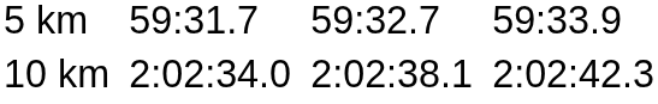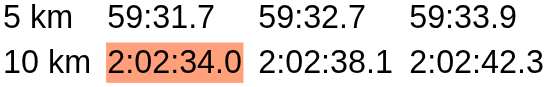 <table>
 <tr>
 <td>5 km<br></td>
 <td></td>
 <td>59:31.7</td>
 <td></td>
 <td>59:32.7</td>
 <td></td>
 <td>59:33.9</td>
 </tr>
 <tr>
 <td>10 km<br></td>
 <td></td>
-<td>2:02:34.0</td>
+<td style="background: lightsalmon;">2:02:34.0</td>
 <td></td>
 <td>2:02:38.1</td>
 <td></td>
 <td>2:02:42.3</td>
 </tr>
 </table>
